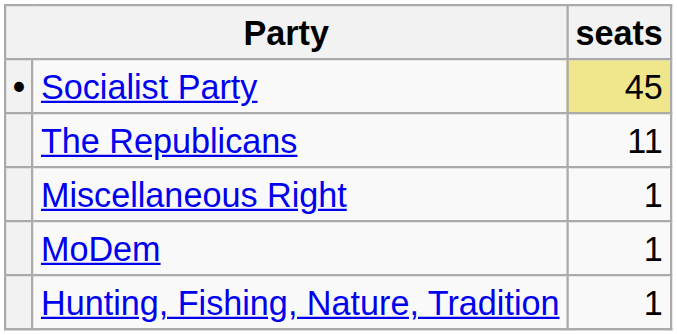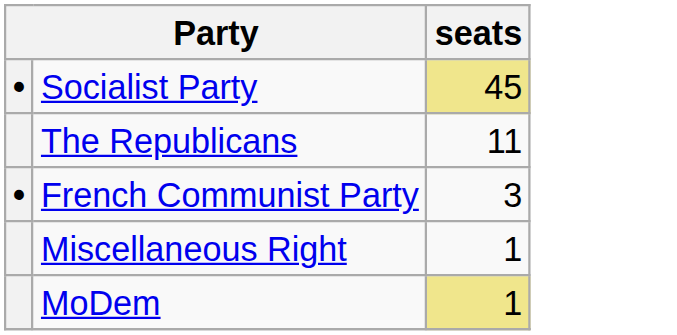 <table class="wikitable" style="font-size: 95%;">
 <tr>
 <th colspan=2>Party</th>
 <th>seats</th>
 </tr>
 <tr>
 <th style="background-color: "><span>•</span></th>
 <td><a href='#'>Socialist Party</a></td>
 <td align="right" style="background: khaki;">45</td>
 </tr>
 <tr>
 <th style="background-color: "></th>
 <td><a href='#'>The Republicans</a></td>
 <td align="right">11</td>
 </tr>
 <tr>
+<th style="background-color: "><span>•</span></th>
+<td><a href='#'>French Communist Party</a></td>
+<td align="right">3</td>
+</tr>
+<tr>
 <th style="background-color: "></th>
 <td><a href='#'>Miscellaneous Right</a></td>
 <td align="right">1</td>
 </tr>
 <tr>
 <th style="background-color: "></th>
 <td><a href='#'>MoDem</a></td>
-<td align="right">1</td>
-</tr>
-<tr>
-<th style="background-color: "></th>
-<td><a href='#'>Hunting, Fishing, Nature, Tradition</a></td>
-<td align="right">1</td>
+<td align="right" style="background: khaki;">1</td>
 </tr>
 <tr>
 </tr>
 </table>
